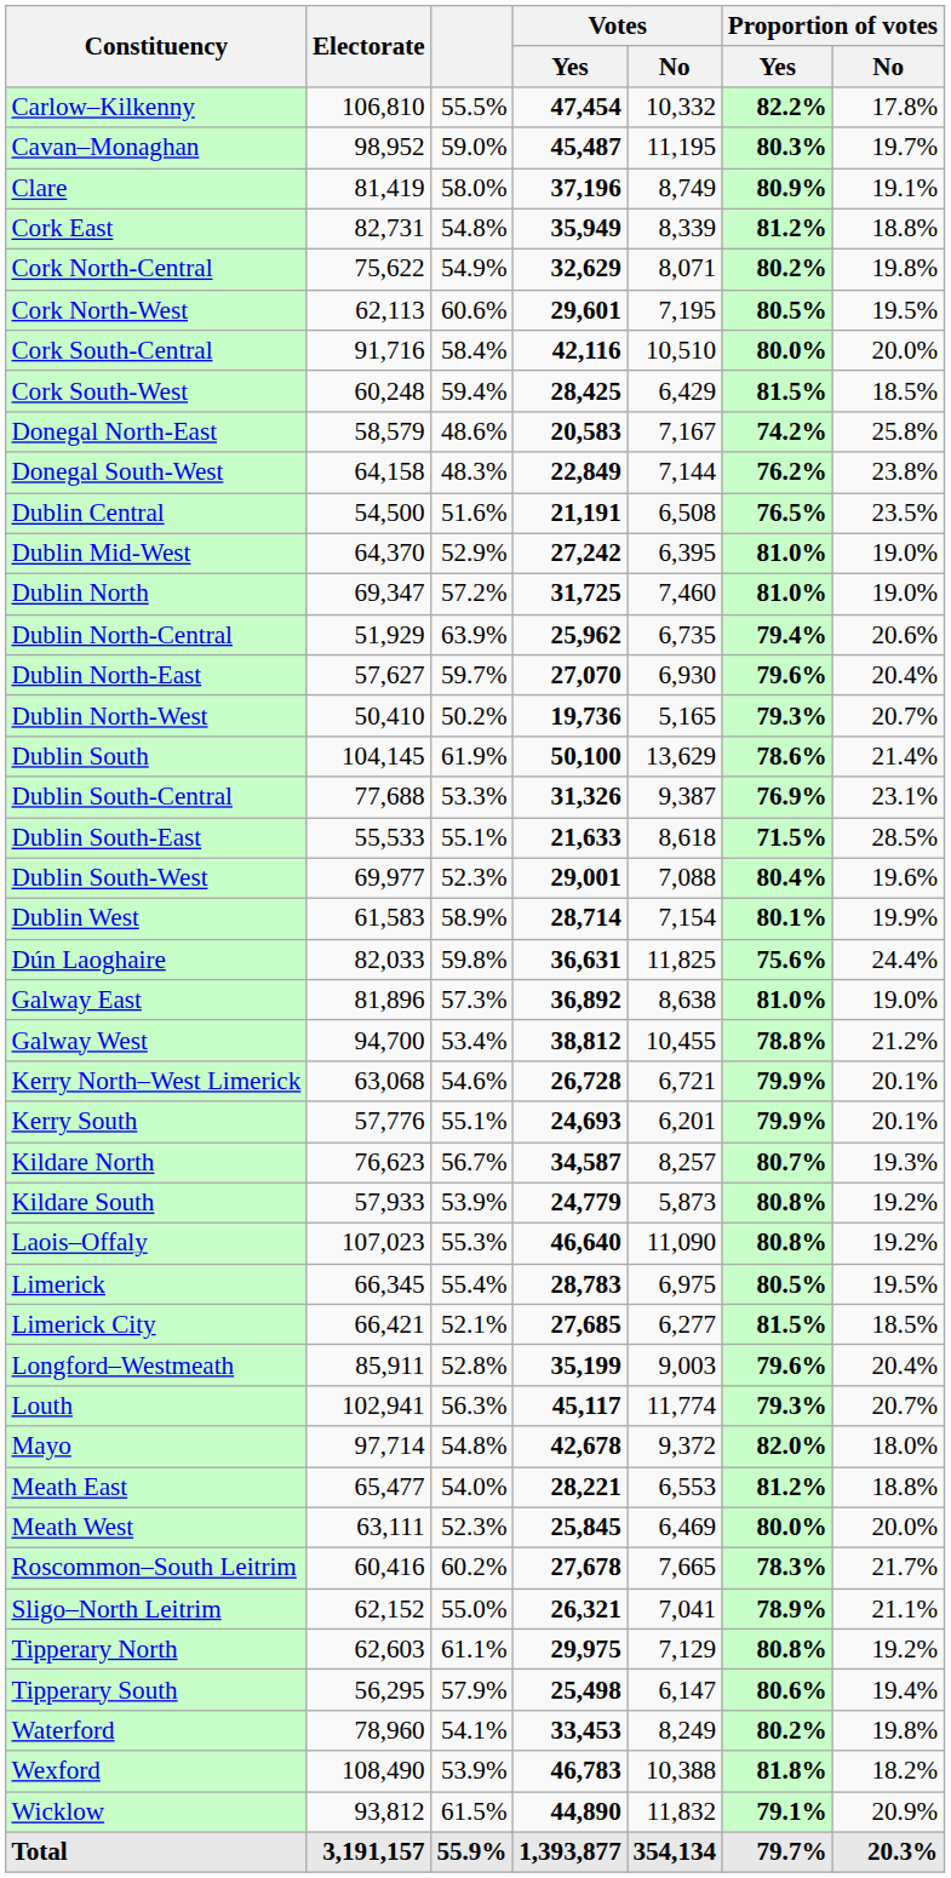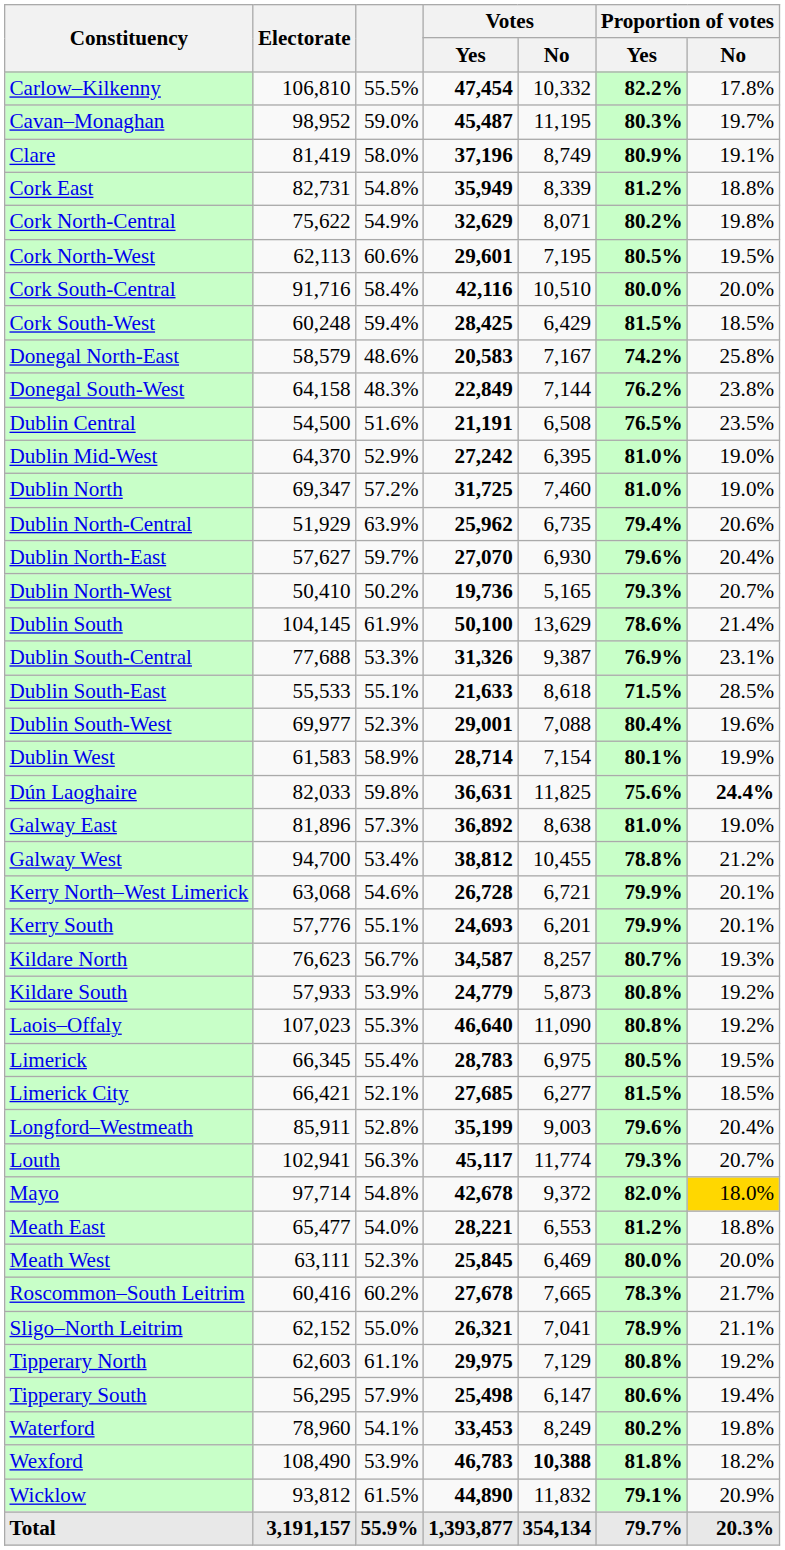 <table class="wikitable sortable">
 <tr>
 <th rowspan=2>Constituency</th>
 <th rowspan=2>Electorate</th>
 <th rowspan=2></th>
 <th colspan=2>Votes</th>
 <th colspan=2>Proportion of votes</th>
 </tr>
 <tr>
 <th>Yes</th>
 <th>No</th>
 <th>Yes</th>
 <th>No</th>
 </tr>
 <tr>
 <td style="background:#c8ffc8;"><a href='#'>Carlow–Kilkenny</a></td>
 <td style="text-align: right;">106,810</td>
 <td style="text-align: right;">55.5%</td>
 <td style="text-align: right;"><strong>47,454</strong></td>
 <td style="text-align: right;">10,332</td>
 <td style="text-align: right; background:#c8ffc8;"><strong>82.2%</strong></td>
 <td style="text-align: right;">17.8%</td>
 </tr>
 <tr>
 <td style="background:#c8ffc8;"><a href='#'>Cavan–Monaghan</a></td>
 <td style="text-align: right;">98,952</td>
 <td style="text-align: right;">59.0%</td>
 <td style="text-align: right;"><strong>45,487</strong></td>
 <td style="text-align: right;">11,195</td>
 <td style="text-align: right; background:#c8ffc8;"><strong>80.3%</strong></td>
 <td style="text-align: right;">19.7%</td>
 </tr>
 <tr>
 <td style="background:#c8ffc8;"><a href='#'>Clare</a></td>
 <td style="text-align: right;">81,419</td>
 <td style="text-align: right;">58.0%</td>
 <td style="text-align: right;"><strong>37,196</strong></td>
 <td style="text-align: right;">8,749</td>
 <td style="text-align: right; background:#c8ffc8;"><strong>80.9%</strong></td>
 <td style="text-align: right;">19.1%</td>
 </tr>
 <tr>
 <td style="background:#c8ffc8;"><a href='#'>Cork East</a></td>
 <td style="text-align: right;">82,731</td>
 <td style="text-align: right;">54.8%</td>
 <td style="text-align: right;"><strong>35,949</strong></td>
 <td style="text-align: right;">8,339</td>
 <td style="text-align: right; background:#c8ffc8;"><strong>81.2%</strong></td>
 <td style="text-align: right;">18.8%</td>
 </tr>
 <tr>
 <td style="background:#c8ffc8;"><a href='#'>Cork North-Central</a></td>
 <td style="text-align: right;">75,622</td>
 <td style="text-align: right;">54.9%</td>
 <td style="text-align: right;"><strong>32,629</strong></td>
 <td style="text-align: right;">8,071</td>
 <td style="text-align: right; background:#c8ffc8;"><strong>80.2%</strong></td>
 <td style="text-align: right;">19.8%</td>
 </tr>
 <tr>
 <td style="background:#c8ffc8;"><a href='#'>Cork North-West</a></td>
 <td style="text-align: right;">62,113</td>
 <td style="text-align: right;">60.6%</td>
 <td style="text-align: right;"><strong>29,601</strong></td>
 <td style="text-align: right;">7,195</td>
 <td style="text-align: right; background:#c8ffc8;"><strong>80.5%</strong></td>
 <td style="text-align: right;">19.5%</td>
 </tr>
 <tr>
 <td style="background:#c8ffc8;"><a href='#'>Cork South-Central</a></td>
 <td style="text-align: right;">91,716</td>
 <td style="text-align: right;">58.4%</td>
 <td style="text-align: right;"><strong>42,116</strong></td>
 <td style="text-align: right;">10,510</td>
 <td style="text-align: right; background:#c8ffc8;"><strong>80.0%</strong></td>
 <td style="text-align: right;">20.0%</td>
 </tr>
 <tr>
 <td style="background:#c8ffc8;"><a href='#'>Cork South-West</a></td>
 <td style="text-align: right;">60,248</td>
 <td style="text-align: right;">59.4%</td>
 <td style="text-align: right;"><strong>28,425</strong></td>
 <td style="text-align: right;">6,429</td>
 <td style="text-align: right; background:#c8ffc8;"><strong>81.5%</strong></td>
 <td style="text-align: right;">18.5%</td>
 </tr>
 <tr>
 <td style="background:#c8ffc8;"><a href='#'>Donegal North-East</a></td>
 <td style="text-align: right;">58,579</td>
 <td style="text-align: right;">48.6%</td>
 <td style="text-align: right;"><strong>20,583</strong></td>
 <td style="text-align: right;">7,167</td>
 <td style="text-align: right; background:#c8ffc8;"><strong>74.2%</strong></td>
 <td style="text-align: right;">25.8%</td>
 </tr>
 <tr>
 <td style="background:#c8ffc8;"><a href='#'>Donegal South-West</a></td>
 <td style="text-align: right;">64,158</td>
 <td style="text-align: right;">48.3%</td>
 <td style="text-align: right;"><strong>22,849</strong></td>
 <td style="text-align: right;">7,144</td>
 <td style="text-align: right; background:#c8ffc8;"><strong>76.2%</strong></td>
 <td style="text-align: right;">23.8%</td>
 </tr>
 <tr>
 <td style="background:#c8ffc8;"><a href='#'>Dublin Central</a></td>
 <td style="text-align: right;">54,500</td>
 <td style="text-align: right;">51.6%</td>
 <td style="text-align: right;"><strong>21,191</strong></td>
 <td style="text-align: right;">6,508</td>
 <td style="text-align: right; background:#c8ffc8;"><strong>76.5%</strong></td>
 <td style="text-align: right;">23.5%</td>
 </tr>
 <tr>
 <td style="background:#c8ffc8;"><a href='#'>Dublin Mid-West</a></td>
 <td style="text-align: right;">64,370</td>
 <td style="text-align: right;">52.9%</td>
 <td style="text-align: right;"><strong>27,242</strong></td>
 <td style="text-align: right;">6,395</td>
 <td style="text-align: right; background:#c8ffc8;"><strong>81.0%</strong></td>
 <td style="text-align: right;">19.0%</td>
 </tr>
 <tr>
 <td style="background:#c8ffc8;"><a href='#'>Dublin North</a></td>
 <td style="text-align: right;">69,347</td>
 <td style="text-align: right;">57.2%</td>
 <td style="text-align: right;"><strong>31,725</strong></td>
 <td style="text-align: right;">7,460</td>
 <td style="text-align: right; background:#c8ffc8;"><strong>81.0%</strong></td>
 <td style="text-align: right;">19.0%</td>
 </tr>
 <tr>
 <td style="background:#c8ffc8;"><a href='#'>Dublin North-Central</a></td>
 <td style="text-align: right;">51,929</td>
 <td style="text-align: right;">63.9%</td>
 <td style="text-align: right;"><strong>25,962</strong></td>
 <td style="text-align: right;">6,735</td>
 <td style="text-align: right; background:#c8ffc8;"><strong>79.4%</strong></td>
 <td style="text-align: right;">20.6%</td>
 </tr>
 <tr>
 <td style="background:#c8ffc8;"><a href='#'>Dublin North-East</a></td>
 <td style="text-align: right;">57,627</td>
 <td style="text-align: right;">59.7%</td>
 <td style="text-align: right;"><strong>27,070</strong></td>
 <td style="text-align: right;">6,930</td>
 <td style="text-align: right; background:#c8ffc8;"><strong>79.6%</strong></td>
 <td style="text-align: right;">20.4%</td>
 </tr>
 <tr>
 <td style="background:#c8ffc8;"><a href='#'>Dublin North-West</a></td>
 <td style="text-align: right;">50,410</td>
 <td style="text-align: right;">50.2%</td>
 <td style="text-align: right;"><strong>19,736</strong></td>
 <td style="text-align: right;">5,165</td>
 <td style="text-align: right; background:#c8ffc8;"><strong>79.3%</strong></td>
 <td style="text-align: right;">20.7%</td>
 </tr>
 <tr>
 <td style="background:#c8ffc8;"><a href='#'>Dublin South</a></td>
 <td style="text-align: right;">104,145</td>
 <td style="text-align: right;">61.9%</td>
 <td style="text-align: right;"><strong>50,100</strong></td>
 <td style="text-align: right;">13,629</td>
 <td style="text-align: right; background:#c8ffc8;"><strong>78.6%</strong></td>
 <td style="text-align: right;">21.4%</td>
 </tr>
 <tr>
 <td style="background:#c8ffc8;"><a href='#'>Dublin South-Central</a></td>
 <td style="text-align: right;">77,688</td>
 <td style="text-align: right;">53.3%</td>
 <td style="text-align: right;"><strong>31,326</strong></td>
 <td style="text-align: right;">9,387</td>
 <td style="text-align: right; background:#c8ffc8;"><strong>76.9%</strong></td>
 <td style="text-align: right;">23.1%</td>
 </tr>
 <tr>
 <td style="background:#c8ffc8;"><a href='#'>Dublin South-East</a></td>
 <td style="text-align: right;">55,533</td>
 <td style="text-align: right;">55.1%</td>
 <td style="text-align: right;"><strong>21,633</strong></td>
 <td style="text-align: right;">8,618</td>
 <td style="text-align: right; background:#c8ffc8;"><strong>71.5%</strong></td>
 <td style="text-align: right;">28.5%</td>
 </tr>
 <tr>
 <td style="background:#c8ffc8;"><a href='#'>Dublin South-West</a></td>
 <td style="text-align: right;">69,977</td>
 <td style="text-align: right;">52.3%</td>
 <td style="text-align: right;"><strong>29,001</strong></td>
 <td style="text-align: right;">7,088</td>
 <td style="text-align: right; background:#c8ffc8;"><strong>80.4%</strong></td>
 <td style="text-align: right;">19.6%</td>
 </tr>
 <tr>
 <td style="background:#c8ffc8;"><a href='#'>Dublin West</a></td>
 <td style="text-align: right;">61,583</td>
 <td style="text-align: right;">58.9%</td>
 <td style="text-align: right;"><strong>28,714</strong></td>
 <td style="text-align: right;">7,154</td>
 <td style="text-align: right; background:#c8ffc8;"><strong>80.1%</strong></td>
 <td style="text-align: right;">19.9%</td>
 </tr>
 <tr>
 <td style="background:#c8ffc8;"><a href='#'>Dún Laoghaire</a></td>
 <td style="text-align: right;">82,033</td>
 <td style="text-align: right;">59.8%</td>
 <td style="text-align: right;"><strong>36,631</strong></td>
 <td style="text-align: right;">11,825</td>
 <td style="text-align: right; background:#c8ffc8;"><strong>75.6%</strong></td>
-<td style="text-align: right;">24.4%</td>
+<td style="text-align: right;"><strong>24.4%</strong></td>
 </tr>
 <tr>
 <td style="background:#c8ffc8;"><a href='#'>Galway East</a></td>
 <td style="text-align: right;">81,896</td>
 <td style="text-align: right;">57.3%</td>
 <td style="text-align: right;"><strong>36,892</strong></td>
 <td style="text-align: right;">8,638</td>
 <td style="text-align: right; background:#c8ffc8;"><strong>81.0%</strong></td>
 <td style="text-align: right;">19.0%</td>
 </tr>
 <tr>
 <td style="background:#c8ffc8;"><a href='#'>Galway West</a></td>
 <td style="text-align: right;">94,700</td>
 <td style="text-align: right;">53.4%</td>
 <td style="text-align: right;"><strong>38,812</strong></td>
 <td style="text-align: right;">10,455</td>
 <td style="text-align: right; background:#c8ffc8;"><strong>78.8%</strong></td>
 <td style="text-align: right;">21.2%</td>
 </tr>
 <tr>
 <td style="background:#c8ffc8;"><a href='#'>Kerry North–West Limerick</a></td>
 <td style="text-align: right;">63,068</td>
 <td style="text-align: right;">54.6%</td>
 <td style="text-align: right;"><strong>26,728</strong></td>
 <td style="text-align: right;">6,721</td>
 <td style="text-align: right; background:#c8ffc8;"><strong>79.9%</strong></td>
 <td style="text-align: right;">20.1%</td>
 </tr>
 <tr>
 <td style="background:#c8ffc8;"><a href='#'>Kerry South</a></td>
 <td style="text-align: right;">57,776</td>
 <td style="text-align: right;">55.1%</td>
 <td style="text-align: right;"><strong>24,693</strong></td>
 <td style="text-align: right;">6,201</td>
 <td style="text-align: right; background:#c8ffc8;"><strong>79.9%</strong></td>
 <td style="text-align: right;">20.1%</td>
 </tr>
 <tr>
 <td style="background:#c8ffc8;"><a href='#'>Kildare North</a></td>
 <td style="text-align: right;">76,623</td>
 <td style="text-align: right;">56.7%</td>
 <td style="text-align: right;"><strong>34,587</strong></td>
 <td style="text-align: right;">8,257</td>
 <td style="text-align: right; background:#c8ffc8;"><strong>80.7%</strong></td>
 <td style="text-align: right;">19.3%</td>
 </tr>
 <tr>
 <td style="background:#c8ffc8;"><a href='#'>Kildare South</a></td>
 <td style="text-align: right;">57,933</td>
 <td style="text-align: right;">53.9%</td>
 <td style="text-align: right;"><strong>24,779</strong></td>
 <td style="text-align: right;">5,873</td>
 <td style="text-align: right; background:#c8ffc8;"><strong>80.8%</strong></td>
 <td style="text-align: right;">19.2%</td>
 </tr>
 <tr>
 <td style="background:#c8ffc8;"><a href='#'>Laois–Offaly</a></td>
 <td style="text-align: right;">107,023</td>
 <td style="text-align: right;">55.3%</td>
 <td style="text-align: right;"><strong>46,640</strong></td>
 <td style="text-align: right;">11,090</td>
 <td style="text-align: right; background:#c8ffc8;"><strong>80.8%</strong></td>
 <td style="text-align: right;">19.2%</td>
 </tr>
 <tr>
 <td style="background:#c8ffc8;"><a href='#'>Limerick</a></td>
 <td style="text-align: right;">66,345</td>
 <td style="text-align: right;">55.4%</td>
 <td style="text-align: right;"><strong>28,783</strong></td>
 <td style="text-align: right;">6,975</td>
 <td style="text-align: right; background:#c8ffc8;"><strong>80.5%</strong></td>
 <td style="text-align: right;">19.5%</td>
 </tr>
 <tr>
 <td style="background:#c8ffc8;"><a href='#'>Limerick City</a></td>
 <td style="text-align: right;">66,421</td>
 <td style="text-align: right;">52.1%</td>
 <td style="text-align: right;"><strong>27,685</strong></td>
 <td style="text-align: right;">6,277</td>
 <td style="text-align: right; background:#c8ffc8;"><strong>81.5%</strong></td>
 <td style="text-align: right;">18.5%</td>
 </tr>
 <tr>
 <td style="background:#c8ffc8;"><a href='#'>Longford–Westmeath</a></td>
 <td style="text-align: right;">85,911</td>
 <td style="text-align: right;">52.8%</td>
 <td style="text-align: right;"><strong>35,199</strong></td>
 <td style="text-align: right;">9,003</td>
 <td style="text-align: right; background:#c8ffc8;"><strong>79.6%</strong></td>
 <td style="text-align: right;">20.4%</td>
 </tr>
 <tr>
 <td style="background:#c8ffc8;"><a href='#'>Louth</a></td>
 <td style="text-align: right;">102,941</td>
 <td style="text-align: right;">56.3%</td>
 <td style="text-align: right;"><strong>45,117</strong></td>
 <td style="text-align: right;">11,774</td>
 <td style="text-align: right; background:#c8ffc8;"><strong>79.3%</strong></td>
 <td style="text-align: right;">20.7%</td>
 </tr>
 <tr>
 <td style="background:#c8ffc8;"><a href='#'>Mayo</a></td>
 <td style="text-align: right;">97,714</td>
 <td style="text-align: right;">54.8%</td>
 <td style="text-align: right;"><strong>42,678</strong></td>
 <td style="text-align: right;">9,372</td>
 <td style="text-align: right; background:#c8ffc8;"><strong>82.0%</strong></td>
-<td style="text-align: right;">18.0%</td>
+<td style="background: gold; text-align: right;">18.0%</td>
 </tr>
 <tr>
 <td style="background:#c8ffc8;"><a href='#'>Meath East</a></td>
 <td style="text-align: right;">65,477</td>
 <td style="text-align: right;">54.0%</td>
 <td style="text-align: right;"><strong>28,221</strong></td>
 <td style="text-align: right;">6,553</td>
 <td style="text-align: right; background:#c8ffc8;"><strong>81.2%</strong></td>
 <td style="text-align: right;">18.8%</td>
 </tr>
 <tr>
 <td style="background:#c8ffc8;"><a href='#'>Meath West</a></td>
 <td style="text-align: right;">63,111</td>
 <td style="text-align: right;">52.3%</td>
 <td style="text-align: right;"><strong>25,845</strong></td>
 <td style="text-align: right;">6,469</td>
 <td style="text-align: right; background:#c8ffc8;"><strong>80.0%</strong></td>
 <td style="text-align: right;">20.0%</td>
 </tr>
 <tr>
 <td style="background:#c8ffc8;"><a href='#'>Roscommon–South Leitrim</a></td>
 <td style="text-align: right;">60,416</td>
 <td style="text-align: right;">60.2%</td>
 <td style="text-align: right;"><strong>27,678</strong></td>
 <td style="text-align: right;">7,665</td>
 <td style="text-align: right; background:#c8ffc8;"><strong>78.3%</strong></td>
 <td style="text-align: right;">21.7%</td>
 </tr>
 <tr>
 <td style="background:#c8ffc8;"><a href='#'>Sligo–North Leitrim</a></td>
 <td style="text-align: right;">62,152</td>
 <td style="text-align: right;">55.0%</td>
 <td style="text-align: right;"><strong>26,321</strong></td>
 <td style="text-align: right;">7,041</td>
 <td style="text-align: right; background:#c8ffc8;"><strong>78.9%</strong></td>
 <td style="text-align: right;">21.1%</td>
 </tr>
 <tr>
 <td style="background:#c8ffc8;"><a href='#'>Tipperary North</a></td>
 <td style="text-align: right;">62,603</td>
 <td style="text-align: right;">61.1%</td>
 <td style="text-align: right;"><strong>29,975</strong></td>
 <td style="text-align: right;">7,129</td>
 <td style="text-align: right; background:#c8ffc8;"><strong>80.8%</strong></td>
 <td style="text-align: right;">19.2%</td>
 </tr>
 <tr>
 <td style="background:#c8ffc8;"><a href='#'>Tipperary South</a></td>
 <td style="text-align: right;">56,295</td>
 <td style="text-align: right;">57.9%</td>
 <td style="text-align: right;"><strong>25,498</strong></td>
 <td style="text-align: right;">6,147</td>
 <td style="text-align: right; background:#c8ffc8;"><strong>80.6%</strong></td>
 <td style="text-align: right;">19.4%</td>
 </tr>
 <tr>
 <td style="background:#c8ffc8;"><a href='#'>Waterford</a></td>
 <td style="text-align: right;">78,960</td>
 <td style="text-align: right;">54.1%</td>
 <td style="text-align: right;"><strong>33,453</strong></td>
 <td style="text-align: right;">8,249</td>
 <td style="text-align: right; background:#c8ffc8;"><strong>80.2%</strong></td>
 <td style="text-align: right;">19.8%</td>
 </tr>
 <tr>
 <td style="background:#c8ffc8;"><a href='#'>Wexford</a></td>
 <td style="text-align: right;">108,490</td>
 <td style="text-align: right;">53.9%</td>
 <td style="text-align: right;"><strong>46,783</strong></td>
-<td style="text-align: right;">10,388</td>
+<td style="text-align: right;"><strong>10,388</strong></td>
 <td style="text-align: right; background:#c8ffc8;"><strong>81.8%</strong></td>
 <td style="text-align: right;">18.2%</td>
 </tr>
 <tr>
 <td style="background:#c8ffc8;"><a href='#'>Wicklow</a></td>
 <td style="text-align: right;">93,812</td>
 <td style="text-align: right;">61.5%</td>
 <td style="text-align: right;"><strong>44,890</strong></td>
 <td style="text-align: right;">11,832</td>
 <td style="text-align: right; background:#c8ffc8;"><strong>79.1%</strong></td>
 <td style="text-align: right;">20.9%</td>
 </tr>
 <tr class="sortbottom" style="font-weight:bold; background:rgb(232,232,232);">
 <td>Total</td>
 <td style="text-align: right;">3,191,157</td>
 <td style="text-align: right;">55.9%</td>
 <td style="text-align: right;">1,393,877</td>
 <td style="text-align: right;">354,134</td>
 <td style="text-align: right;">79.7%</td>
 <td style="text-align: right;">20.3%</td>
 </tr>
 </table>
